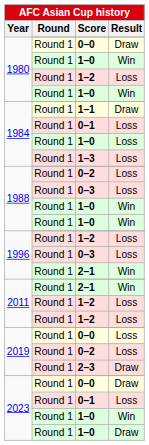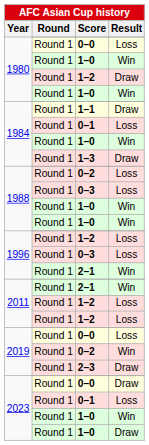 <table class="wikitable" style="text-align: center;font-size:90%;">
 <tr>
 <th colspan=4 style="background: #db000d; color: #FFFFFF;">AFC Asian Cup history</th>
 </tr>
 <tr>
 <th>Year</th>
 <th>Round</th>
 <th>Score</th>
 <th>Result</th>
 </tr>
 <tr>
 <td rowspan=5><a href='#'>1980</a></td>
 </tr>
 <tr bgcolor=#ffffdd>
 <td>Round 1</td>
 <td align="left"> <strong>0–0</strong> </td>
-<td>Draw</td>
+<td>Loss</td>
 </tr>
 <tr bgcolor=#ddffdd>
 <td>Round 1</td>
 <td align="left"> <strong>1–0</strong> </td>
 <td>Win</td>
 </tr>
 <tr bgcolor=#ffdddd>
 <td>Round 1</td>
 <td align="left"> <strong>1–2</strong> </td>
-<td>Loss</td>
+<td>Draw</td>
 </tr>
 <tr bgcolor=#ddffdd>
 <td>Round 1</td>
 <td align="left"> <strong>1–0</strong> </td>
 <td>Win</td>
 </tr>
 <tr>
 <td rowspan=5><a href='#'>1984</a></td>
 </tr>
 <tr bgcolor=#ffffdd>
 <td>Round 1</td>
 <td align="left"> <strong>1–1</strong> </td>
 <td>Draw</td>
 </tr>
 <tr bgcolor=#ffdddd>
 <td>Round 1</td>
 <td align="left"> <strong>0–1</strong> </td>
 <td>Loss</td>
 </tr>
 <tr bgcolor=#ddffdd>
 <td>Round 1</td>
 <td align="left"> <strong>1–0</strong> </td>
-<td>Loss</td>
+<td>Win</td>
 </tr>
 <tr bgcolor=#ffdddd>
 <td>Round 1</td>
 <td align="left"> <strong>1–3</strong> </td>
-<td>Loss</td>
+<td>Draw</td>
 </tr>
 <tr>
 <td rowspan=5><a href='#'>1988</a></td>
 </tr>
 <tr bgcolor=#ffdddd>
 <td>Round 1</td>
 <td align="left"> <strong>0–2</strong> </td>
 <td>Loss</td>
 </tr>
 <tr bgcolor=#ffdddd>
 <td>Round 1</td>
 <td align="left"> <strong>0–3</strong> </td>
 <td>Loss</td>
 </tr>
 <tr bgcolor=#ddffdd>
 <td>Round 1</td>
 <td align="left"> <strong>1–0</strong> </td>
 <td>Win</td>
 </tr>
 <tr bgcolor=#ddffdd>
 <td>Round 1</td>
 <td align="left"> <strong>1–0</strong> </td>
 <td>Win</td>
 </tr>
 <tr>
 <td rowspan=4><a href='#'>1996</a></td>
 </tr>
 <tr bgcolor=#ffdddd>
 <td>Round 1</td>
 <td align="left"> <strong>1–2</strong> </td>
 <td>Loss</td>
 </tr>
 <tr bgcolor=#ffdddd>
 <td>Round 1</td>
 <td align="left"> <strong>0–3</strong> </td>
 <td>Loss</td>
 </tr>
 <tr bgcolor=#ddffdd>
 <td>Round 1</td>
 <td align="left"> <strong>2–1</strong> </td>
 <td>Win</td>
 </tr>
 <tr>
 <td rowspan=4><a href='#'>2011</a></td>
 </tr>
 <tr bgcolor=#ddffdd>
 <td>Round 1</td>
 <td align="left"> <strong>2–1</strong> </td>
 <td>Win</td>
 </tr>
 <tr bgcolor=#ffdddd>
 <td>Round 1</td>
 <td align="left"> <strong>1–2</strong> </td>
 <td>Loss</td>
 </tr>
 <tr bgcolor=#ffdddd>
 <td>Round 1</td>
 <td align="left"> <strong>1–2</strong> </td>
 <td>Loss</td>
 </tr>
 <tr>
 <td rowspan=4><a href='#'>2019</a></td>
 </tr>
 <tr bgcolor=#ffffdd>
 <td>Round 1</td>
 <td align="left"> <strong>0–0</strong> </td>
 <td>Loss</td>
 </tr>
 <tr bgcolor=#ffdddd>
 <td>Round 1</td>
 <td align="left"> <strong>0–2</strong> </td>
-<td>Loss</td>
+<td>Win</td>
 </tr>
 <tr bgcolor=#ffdddd>
 <td>Round 1</td>
 <td align="left"> <strong>2–3</strong> </td>
 <td>Draw</td>
 </tr>
 <tr>
 <td rowspan=5><a href='#'>2023</a></td>
 </tr>
 <tr bgcolor=#ffffdd>
 <td>Round 1</td>
 <td align="left"> <strong>0–0</strong> </td>
 <td>Draw</td>
 </tr>
 <tr bgcolor=#ffdddd>
 <td>Round 1</td>
 <td align="left"> <strong>0–1</strong> </td>
 <td>Loss</td>
 </tr>
 <tr bgcolor=#ddffdd>
 <td>Round 1</td>
 <td align="left"> <strong>1–0</strong> </td>
 <td>Win</td>
 </tr>
 <tr bgcolor=#ddffdd>
 <td>Round 1</td>
 <td align="left"> <strong>1–0</strong> </td>
 <td>Draw</td>
 </tr>
 </table>
